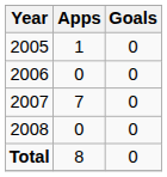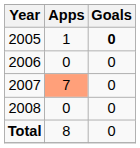 <table class="wikitable" style="text-align: center">
 <tr>
 </tr>
 <tr>
 <th>Year</th>
 <th>Apps</th>
 <th>Goals</th>
 </tr>
 <tr>
 <td>2005</td>
 <td>1</td>
-<td>0</td>
+<td><strong>0</strong></td>
 </tr>
 <tr>
 <td>2006</td>
 <td>0</td>
 <td>0</td>
 </tr>
 <tr>
 <td>2007</td>
-<td>7</td>
+<td style="background: lightsalmon;">7</td>
 <td>0</td>
 </tr>
 <tr>
 <td>2008</td>
 <td>0</td>
 <td>0</td>
 </tr>
 <tr>
 <td><strong>Total</strong></td>
 <td>8</td>
 <td>0</td>
 </tr>
 <tr>
 </tr>
 </table>
